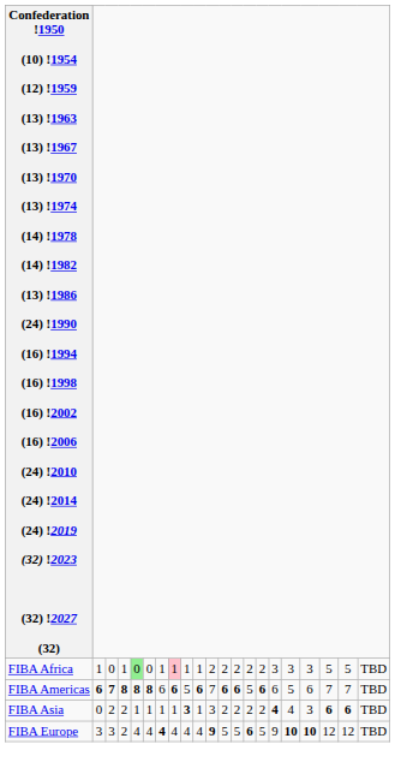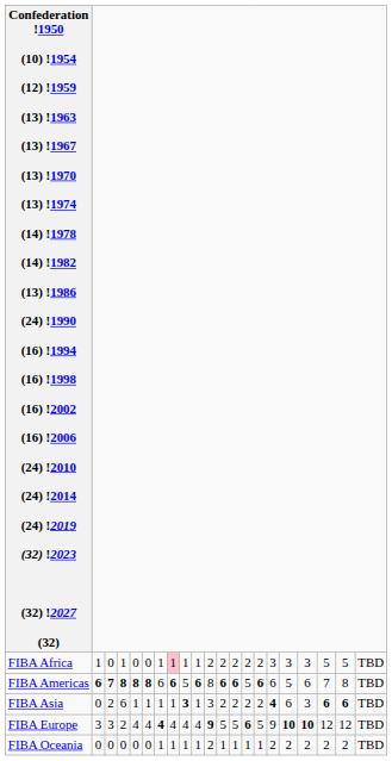 <table class="wikitable" style="text-align:center;">
 <tr style="background:#cccccc;">
 <th>Confederation<br> !<a href='#'>1950</a><br><br>(10)  !<a href='#'>1954</a><br><br>(12)  !<a href='#'>1959</a><br><br>(13)  !<a href='#'>1963</a><br><br>(13)  !<a href='#'>1967</a><br><br>(13)  !<a href='#'>1970</a><br><br>(13)  !<a href='#'>1974</a><br><br>(14)  !<a href='#'>1978</a><br><br>(14)  !<a href='#'>1982</a><br><br>(13)  !<a href='#'>1986</a><br><br>(24)  !<a href='#'>1990</a><br><br>(16)  !<a href='#'>1994</a><br><br>(16)  !<a href='#'>1998</a><br><br>(16)  !<a href='#'>2002</a><br><br>(16)  !<a href='#'>2006</a><br><br>(24)  !<a href='#'>2010</a><br><br>(24)  !<a href='#'>2014</a><br><br>(24)  !<em><a href='#'>2019</a></em><br><br><em>(32)</em>  !<em><a href='#'>2023</a></em><br><br><br><br>(32)  !<em><a href='#'>2027</a></em><br><br>(32)</th>
 </tr>
 <tr>
 <td align=left><a href='#'>FIBA Africa</a></td>
 <td>1</td>
 <td>0</td>
 <td>1</td>
-<td style="background: lightgreen;">0</td>
+<td>0</td>
 <td>0</td>
 <td>1</td>
 <td style="background: pink;">1</td>
 <td>1</td>
 <td>1</td>
 <td>2</td>
 <td>2</td>
 <td>2</td>
 <td>2</td>
 <td>2</td>
 <td>3</td>
 <td>3</td>
 <td>3</td>
 <td>5</td>
 <td>5</td>
 <td>TBD</td>
 </tr>
 <tr>
 <td align=left><a href='#'>FIBA Americas</a></td>
 <td><strong>6</strong></td>
 <td><strong>7</strong></td>
 <td><strong>8</strong></td>
 <td><strong>8</strong></td>
 <td><strong>8</strong></td>
 <td>6</td>
 <td><strong>6</strong></td>
 <td>5</td>
 <td><strong>6</strong></td>
-<td>7</td>
+<td>8</td>
 <td><strong>6</strong></td>
 <td><strong>6</strong></td>
 <td>5</td>
 <td><strong>6</strong></td>
 <td>6</td>
 <td>5</td>
 <td>6</td>
 <td>7</td>
-<td>7</td>
+<td>8</td>
 <td>TBD</td>
 </tr>
 <tr>
 <td align=left><a href='#'>FIBA Asia</a></td>
 <td>0</td>
 <td>2</td>
-<td>2</td>
+<td>6</td>
 <td>1</td>
 <td>1</td>
 <td>1</td>
 <td>1</td>
 <td><strong>3</strong></td>
 <td>1</td>
 <td>3</td>
 <td>2</td>
 <td>2</td>
 <td>2</td>
 <td>2</td>
 <td><strong>4</strong></td>
-<td>4</td>
+<td>6</td>
 <td>3</td>
 <td><strong>6</strong></td>
 <td><strong>6</strong></td>
 <td>TBD</td>
 </tr>
 <tr>
 <td align=left><a href='#'>FIBA Europe</a></td>
 <td>3</td>
 <td>3</td>
 <td>2</td>
 <td>4</td>
 <td>4</td>
 <td><strong>4</strong></td>
 <td>4</td>
 <td>4</td>
 <td>4</td>
 <td><strong>9</strong></td>
 <td>5</td>
 <td>5</td>
 <td><strong>6</strong></td>
 <td>5</td>
 <td>9</td>
 <td><strong>10</strong></td>
 <td><strong>10</strong></td>
 <td>12</td>
 <td>12</td>
 <td>TBD</td>
 </tr>
+<tr>
+<td align=left><a href='#'>FIBA Oceania</a></td>
+<td>0</td>
+<td>0</td>
+<td>0</td>
+<td>0</td>
+<td>0</td>
+<td>1</td>
+<td>1</td>
+<td>1</td>
+<td>1</td>
+<td>2</td>
+<td>1</td>
+<td>1</td>
+<td>1</td>
+<td>1</td>
+<td>2</td>
+<td>2</td>
+<td>2</td>
+<td>2</td>
+<td>2</td>
+<td>TBD</td>
+</tr>
 </table>
